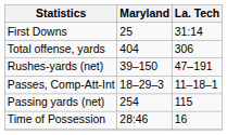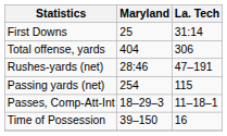 <table class="wikitable">
 <tr>
 <th>Statistics</th>
 <th>Maryland</th>
 <th>La. Tech</th>
 </tr>
 <tr>
 <td>First Downs</td>
 <td>25</td>
 <td>31:14</td>
 </tr>
 <tr>
 <td>Total offense, yards</td>
 <td>404</td>
 <td>306</td>
 </tr>
 <tr>
 <td>Rushes-yards (net)</td>
-<td>39–150</td>
+<td>28:46</td>
 <td>47–191</td>
+</tr>
+<tr>
+<td>Passing yards (net)</td>
+<td>254</td>
+<td>115</td>
 </tr>
 <tr>
 <td>Passes, Comp-Att-Int</td>
 <td>18–29–3</td>
 <td>11–18–1</td>
 </tr>
 <tr>
-<td>Passing yards (net)</td>
-<td>254</td>
-<td>115</td>
-</tr>
-<tr>
 <td>Time of Possession</td>
-<td>28:46</td>
+<td>39–150</td>
 <td>16</td>
 </tr>
 <tr>
 </tr>
 </table>
